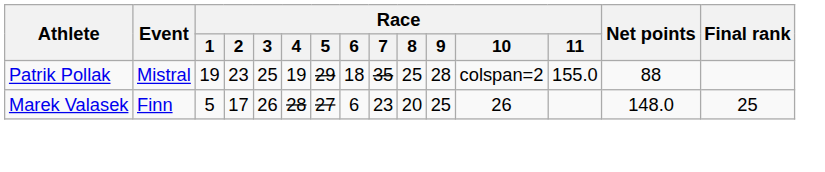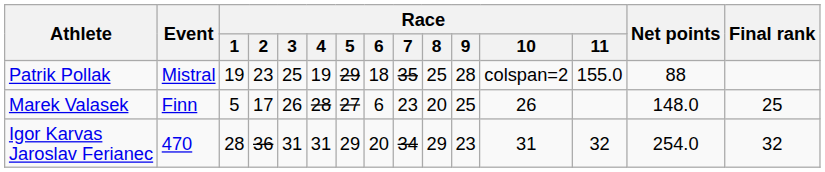 <table class="wikitable" style="font-size:90%">
 <tr>
 <th rowspan="2">Athlete</th>
 <th rowspan="2">Event</th>
 <th colspan=11>Race</th>
 <th rowspan=2>Net points</th>
 <th rowspan=2>Final rank</th>
 </tr>
 <tr style="font-size:95%">
 <th>1</th>
 <th>2</th>
 <th>3</th>
 <th>4</th>
 <th>5</th>
 <th>6</th>
 <th>7</th>
 <th>8</th>
 <th>9</th>
 <th>10</th>
 <th>11</th>
 </tr>
 <tr align=center>
 <td align=left><a href='#'>Patrik Pollak</a></td>
 <td align=left><a href='#'>Mistral</a></td>
 <td>19</td>
 <td>23</td>
 <td>25</td>
 <td>19</td>
 <td><s>29</s></td>
 <td>18</td>
 <td><s>35</s></td>
 <td>25</td>
 <td>28</td>
 <td>colspan=2 </td>
 <td>155.0</td>
 <td>88</td>
 </tr>
 <tr align=center>
 <td align=left><a href='#'>Marek Valasek</a></td>
 <td align=left><a href='#'>Finn</a></td>
 <td>5</td>
 <td>17</td>
 <td>26</td>
 <td><s>28</s></td>
 <td><s>27</s></td>
 <td>6</td>
 <td>23</td>
 <td>20</td>
 <td>25</td>
 <td>26</td>
 <td></td>
 <td>148.0</td>
 <td>25</td>
 </tr>
+<tr align=center>
+<td align=left><a href='#'>Igor Karvas</a><br><a href='#'>Jaroslav Ferianec</a></td>
+<td align=left><a href='#'>470</a></td>
+<td>28</td>
+<td><s>36</s></td>
+<td>31</td>
+<td>31</td>
+<td>29</td>
+<td>20</td>
+<td><s>34</s></td>
+<td>29</td>
+<td>23</td>
+<td>31</td>
+<td>32</td>
+<td>254.0</td>
+<td>32</td>
+</tr>
 </table>
